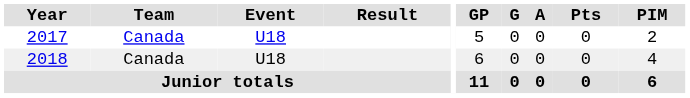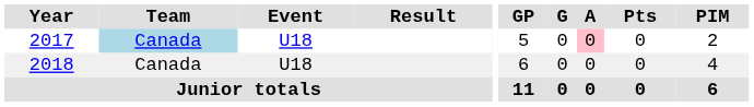 <table border="0" cellpadding="1" cellspacing="0" ID="Table3" style="text-align:center; width:40em">
 <tr ALIGN="center" bgcolor="#e0e0e0">
 <th>Year</th>
 <th>Team</th>
 <th>Event</th>
 <th>Result</th>
 <th rowspan="99" bgcolor="#ffffff"></th>
 <th>GP</th>
 <th>G</th>
 <th>A</th>
 <th>Pts</th>
 <th>PIM</th>
 </tr>
 <tr>
 <td><a href='#'>2017</a></td>
-<td><a href='#'>Canada</a></td>
+<td style="background: lightblue;"><a href='#'>Canada</a></td>
 <td><a href='#'>U18</a></td>
 <td></td>
 <td>5</td>
 <td>0</td>
-<td>0</td>
+<td style="background: pink;">0</td>
 <td>0</td>
 <td>2</td>
 </tr>
 <tr bgcolor="#f0f0f0">
 <td><a href='#'>2018</a></td>
 <td>Canada</td>
 <td>U18</td>
 <td></td>
 <td>6</td>
 <td>0</td>
 <td>0</td>
 <td>0</td>
 <td>4</td>
 </tr>
 <tr bgcolor="#e0e0e0">
 <th colspan="4">Junior totals</th>
 <th>11</th>
 <th>0</th>
 <th>0</th>
 <th>0</th>
 <th>6</th>
 </tr>
 </table>
